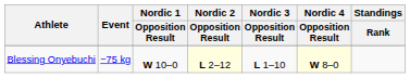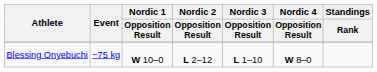 <table class="wikitable" style="font-size:90%">
 <tr>
 <th rowspan=2>Athlete</th>
 <th rowspan=2>Event</th>
 <th>Nordic 1</th>
 <th>Nordic 2</th>
 <th>Nordic 3</th>
 <th>Nordic 4</th>
 <th>Standings</th>
 </tr>
 <tr style="font-size: 95%">
 <th>Opposition<br>Result</th>
 <th>Opposition<br>Result</th>
 <th>Opposition<br>Result</th>
 <th>Opposition<br>Result</th>
 <th>Rank</th>
 </tr>
 <tr align=center>
 </tr>
 <tr align=center>
 <td align=left><a href='#'>Blessing Onyebuchi</a></td>
 <td align=left><a href='#'>−75 kg</a></td>
 <td><br><strong>W</strong> 10–0</td>
-<td style="background: lightyellow;"><br><strong>L</strong> 2–12</td>
+<td><br><strong>L</strong> 2–12</td>
 <td><br><strong>L</strong> 1–10</td>
-<td style="background: lightyellow;"><br><strong>W</strong> 8–0</td>
+<td><br><strong>W</strong> 8–0</td>
 <td></td>
 </tr>
 </table>
